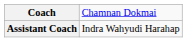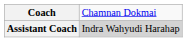 <table class="wikitable">
 <tr>
 <th>Coach</th>
 <td> <a href='#'>Chamnan Dokmai</a></td>
 </tr>
 <tr>
 <th>Assistant Coach</th>
-<td> Indra Wahyudi Harahap</td>
+<td style="background: lightgrey;"> Indra Wahyudi Harahap</td>
 </tr>
 </table>
